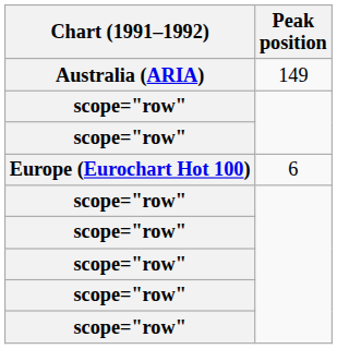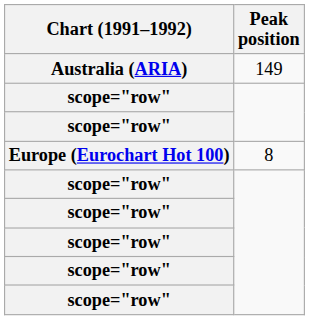 <table class="wikitable sortable plainrowheaders" style="text-align:center">
 <tr>
 <th scope="col">Chart (1991–1992)</th>
 <th scope="col">Peak<br>position</th>
 </tr>
 <tr>
 <th scope="row">Australia (<a href='#'>ARIA</a>)</th>
 <td>149</td>
 </tr>
 <tr>
 <th>scope="row" </th>
 </tr>
 <tr>
 <th>scope="row" </th>
 </tr>
 <tr>
 <th scope="row">Europe (<a href='#'>Eurochart Hot 100</a>)</th>
-<td>6</td>
+<td>8</td>
 </tr>
 <tr>
 <th>scope="row" </th>
 </tr>
 <tr>
 <th>scope="row" </th>
 </tr>
 <tr>
 <th>scope="row" </th>
 </tr>
 <tr>
 <th>scope="row" </th>
 </tr>
 <tr>
 <th>scope="row" </th>
 </tr>
 </table>
